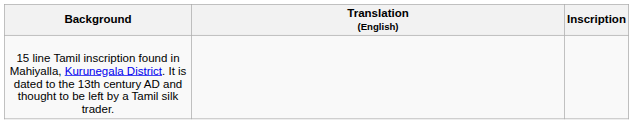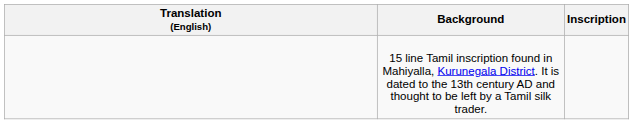 <table class="wikitable centre">
 <tr>
+<th>Translation<br><small>(English)</small></th>
 <th scope="col" align=left>Background<br></th>
-<th>Translation<br><small>(English)</small></th>
 <th>Inscription<br></th>
 </tr>
 <tr>
+<td align=left><br></td>
 <td align=center width="30%"><br>15 line Tamil inscription found in Mahiyalla, <a href='#'>Kurunegala District</a>. It is dated to the 13th century AD and thought to be left by a Tamil silk trader.</td>
-<td align=left><br></td>
 <td align=center width="10%"></td>
 </tr>
 </table>
